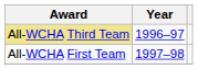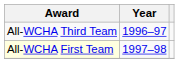 <table class="wikitable">
 <tr>
 <th>Award</th>
 <th>Year</th>
 <th></th>
 </tr>
 <tr>
-<td style="background: khaki;">All-<a href='#'>WCHA</a> <a href='#'>Third Team</a></td>
+<td>All-<a href='#'>WCHA</a> <a href='#'>Third Team</a></td>
 <td><a href='#'>1996–97</a></td>
 <td></td>
 </tr>
 <tr>
-<td>All-<a href='#'>WCHA</a> <a href='#'>First Team</a></td>
+<td style="background: lightyellow;">All-<a href='#'>WCHA</a> <a href='#'>First Team</a></td>
 <td><a href='#'>1997–98</a></td>
 <td></td>
 </tr>
 <tr>
 </tr>
 </table>
